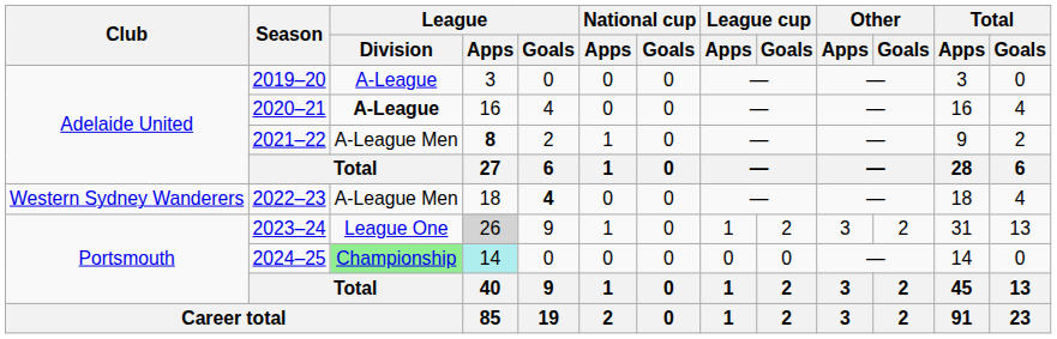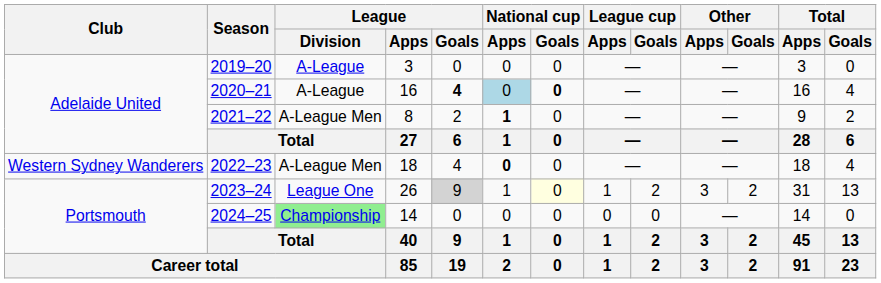 <table class="wikitable" style="text-align:center">
 <tr>
 <th rowspan="2">Club</th>
 <th rowspan="2">Season</th>
 <th colspan="3">League</th>
 <th colspan="2">National cup</th>
 <th colspan="2">League cup</th>
 <th colspan="2">Other</th>
 <th colspan="2">Total</th>
 </tr>
 <tr>
 <th>Division</th>
 <th>Apps</th>
 <th>Goals</th>
 <th>Apps</th>
 <th>Goals</th>
 <th>Apps</th>
 <th>Goals</th>
 <th>Apps</th>
 <th>Goals</th>
 <th>Apps</th>
 <th>Goals</th>
 </tr>
 <tr>
 <td rowspan="4"><a href='#'>Adelaide United</a></td>
 <td><a href='#'>2019–20</a></td>
 <td><a href='#'>A-League</a></td>
 <td>3</td>
 <td>0</td>
 <td>0</td>
 <td>0</td>
 <td colspan="2">—</td>
 <td colspan="2">—</td>
 <td>3</td>
 <td>0</td>
 </tr>
 <tr>
 <td><a href='#'>2020–21</a></td>
-<td><strong>A-League</strong></td>
+<td>A-League</td>
 <td>16</td>
-<td>4</td>
-<td>0</td>
-<td>0</td>
+<td><strong>4</strong></td>
+<td style="background: lightblue;">0</td>
+<td><strong>0</strong></td>
 <td colspan="2">—</td>
 <td colspan="2">—</td>
 <td>16</td>
 <td>4</td>
 </tr>
 <tr>
 <td><a href='#'>2021–22</a></td>
 <td>A-League Men</td>
-<td><strong>8</strong></td>
+<td>8</td>
 <td>2</td>
-<td>1</td>
+<td><strong>1</strong></td>
 <td>0</td>
 <td colspan="2">—</td>
 <td colspan="2">—</td>
 <td>9</td>
 <td>2</td>
 </tr>
 <tr>
 <th colspan="2">Total</th>
 <th>27</th>
 <th>6</th>
 <th>1</th>
 <th>0</th>
 <th colspan="2">—</th>
 <th colspan="2">—</th>
 <th>28</th>
 <th>6</th>
 </tr>
 <tr>
 <td><a href='#'>Western Sydney Wanderers</a></td>
 <td><a href='#'>2022–23</a></td>
 <td>A-League Men</td>
 <td>18</td>
-<td><strong>4</strong></td>
-<td>0</td>
+<td>4</td>
+<td><strong>0</strong></td>
 <td>0</td>
 <td colspan="2">—</td>
 <td colspan="2">—</td>
 <td>18</td>
 <td>4</td>
 </tr>
 <tr>
 <td rowspan="3"><a href='#'>Portsmouth</a></td>
 <td><a href='#'>2023–24</a></td>
 <td><a href='#'>League One</a></td>
-<td style="background: lightgrey;">26</td>
-<td>9</td>
+<td>26</td>
+<td style="background: lightgrey;">9</td>
 <td>1</td>
-<td>0</td>
+<td style="background: lightyellow;">0</td>
 <td>1</td>
 <td>2</td>
 <td>3</td>
 <td>2</td>
 <td>31</td>
 <td>13</td>
 </tr>
 <tr>
 <td><a href='#'>2024–25</a></td>
 <td style="background: lightgreen;"><a href='#'>Championship</a></td>
-<td style="background: paleturquoise;">14</td>
+<td>14</td>
 <td>0</td>
 <td>0</td>
 <td>0</td>
 <td>0</td>
 <td>0</td>
 <td colspan="2">—</td>
 <td>14</td>
 <td>0</td>
 </tr>
 <tr>
 <th colspan="2">Total</th>
 <th>40</th>
 <th>9</th>
 <th>1</th>
 <th>0</th>
 <th>1</th>
 <th>2</th>
 <th>3</th>
 <th>2</th>
 <th>45</th>
 <th>13</th>
 </tr>
 <tr>
 <th colspan="3">Career total</th>
 <th>85</th>
 <th>19</th>
 <th>2</th>
 <th>0</th>
 <th>1</th>
 <th>2</th>
 <th>3</th>
 <th>2</th>
 <th>91</th>
 <th>23</th>
 </tr>
 </table>
